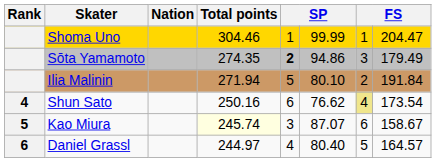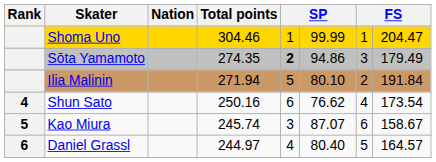 <table class="wikitable sortable" style="text-align:left">
 <tr>
 <th scope="col">Rank</th>
 <th scope="col">Skater</th>
 <th scope="col">Nation</th>
 <th scope="col">Total points</th>
 <th colspan="2" scope="col" width="80px"><a href='#'>SP</a></th>
 <th colspan="2" scope="col" width="80px"><a href='#'>FS</a></th>
 </tr>
 <tr bgcolor="gold">
 <th scope="row"></th>
 <td><a href='#'>Shoma Uno</a></td>
 <td></td>
 <td align="center">304.46</td>
 <td align="center">1</td>
 <td align="center">99.99</td>
 <td align="center">1</td>
 <td align="center">204.47</td>
 </tr>
 <tr bgcolor="silver">
 <th scope="row"></th>
 <td><a href='#'>Sōta Yamamoto</a></td>
 <td></td>
 <td align="center">274.35</td>
 <td align="center"><strong>2</strong></td>
 <td align="center">94.86</td>
 <td align="center">3</td>
 <td align="center">179.49</td>
 </tr>
 <tr bgcolor="cc9966">
 <th scope="row"></th>
 <td><a href='#'>Ilia Malinin</a></td>
 <td></td>
 <td align="center">271.94</td>
 <td align="center">5</td>
 <td align="center">80.10</td>
 <td align="center">2</td>
 <td align="center">191.84</td>
 </tr>
 <tr>
 <th scope="row">4</th>
 <td><a href='#'>Shun Sato</a></td>
 <td></td>
 <td align="center">250.16</td>
 <td align="center">6</td>
 <td align="center">76.62</td>
-<td align="center" style="background: khaki;">4</td>
+<td align="center">4</td>
 <td align="center">173.54</td>
 </tr>
 <tr>
 <th scope="row">5</th>
 <td><a href='#'>Kao Miura</a></td>
 <td></td>
-<td align="center" style="background: lightyellow;">245.74</td>
+<td align="center">245.74</td>
 <td align="center">3</td>
 <td align="center">87.07</td>
 <td align="center">6</td>
 <td align="center">158.67</td>
 </tr>
 <tr>
 <th scope="row">6</th>
 <td><a href='#'>Daniel Grassl</a></td>
 <td></td>
 <td align="center">244.97</td>
 <td align="center">4</td>
 <td align="center">80.40</td>
 <td align="center">5</td>
 <td align="center">164.57</td>
 </tr>
 </table>
